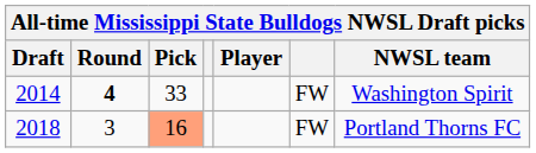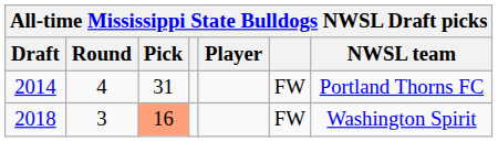 <table class="wikitable sortable" style="text-align: center;">
 <tr>
 <th colspan="7" style="background:#">All-time <a href='#'><span>Mississippi State Bulldogs</span></a> NWSL Draft picks</th>
 </tr>
 <tr>
 <th scope="col">Draft</th>
 <th scope="col">Round</th>
 <th scope="col">Pick</th>
 <th scope="col"></th>
 <th scope="col">Player</th>
 <th scope="col"></th>
 <th scope="col">NWSL team</th>
 </tr>
 <tr>
 <td><a href='#'>2014</a></td>
-<td><strong>4</strong></td>
-<td>33</td>
+<td>4</td>
+<td>31</td>
 <td></td>
 <td></td>
 <td>FW</td>
-<td><a href='#'>Washington Spirit</a></td>
+<td><a href='#'>Portland Thorns FC</a></td>
 </tr>
 <tr>
 <td><a href='#'>2018</a></td>
 <td>3</td>
 <td style="background: lightsalmon;">16</td>
 <td></td>
 <td></td>
 <td>FW</td>
-<td><a href='#'>Portland Thorns FC</a></td>
+<td><a href='#'>Washington Spirit</a></td>
 </tr>
 </table>
